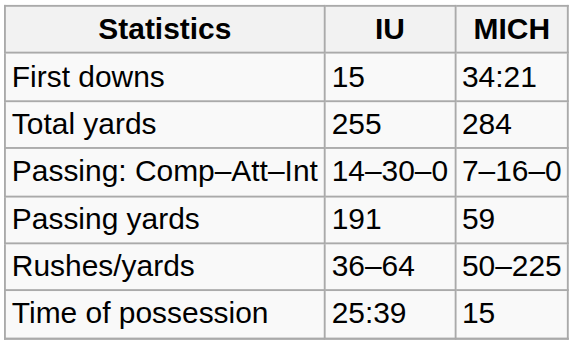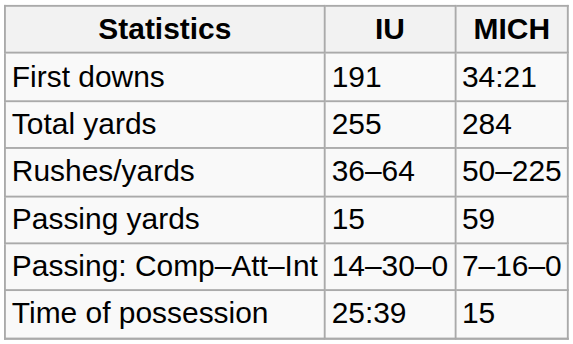 <table class="wikitable" style="float: left;">
 <tr>
 <th>Statistics</th>
 <th>IU</th>
 <th>MICH</th>
 </tr>
 <tr>
 <td>First downs</td>
-<td>15</td>
+<td>191</td>
 <td>34:21</td>
 </tr>
 <tr>
 <td>Total yards</td>
 <td>255</td>
 <td>284</td>
 </tr>
 <tr>
+<td>Rushes/yards</td>
+<td>36–64</td>
+<td>50–225</td>
+</tr>
+<tr>
+<td>Passing yards</td>
+<td>15</td>
+<td>59</td>
+</tr>
+<tr>
 <td>Passing: Comp–Att–Int</td>
 <td>14–30–0</td>
 <td>7–16–0</td>
-</tr>
-<tr>
-<td>Passing yards</td>
-<td>191</td>
-<td>59</td>
-</tr>
-<tr>
-<td>Rushes/yards</td>
-<td>36–64</td>
-<td>50–225</td>
 </tr>
 <tr>
 <td>Time of possession</td>
 <td>25:39</td>
 <td>15</td>
 </tr>
 <tr>
 </tr>
 </table>
